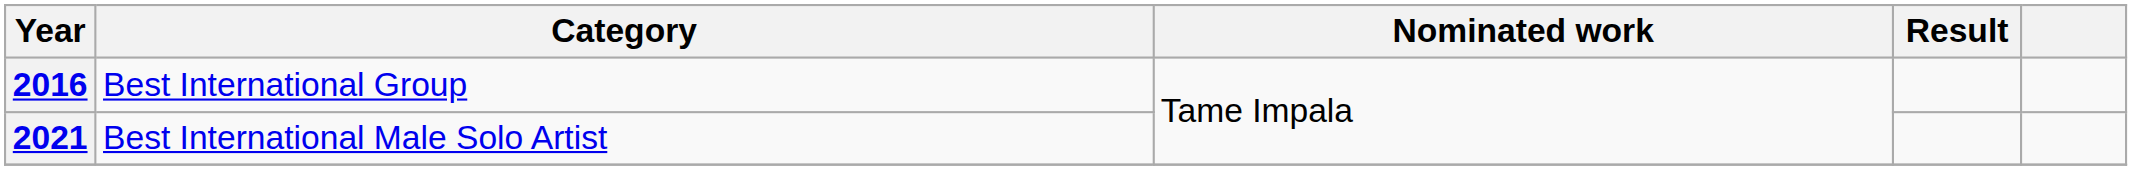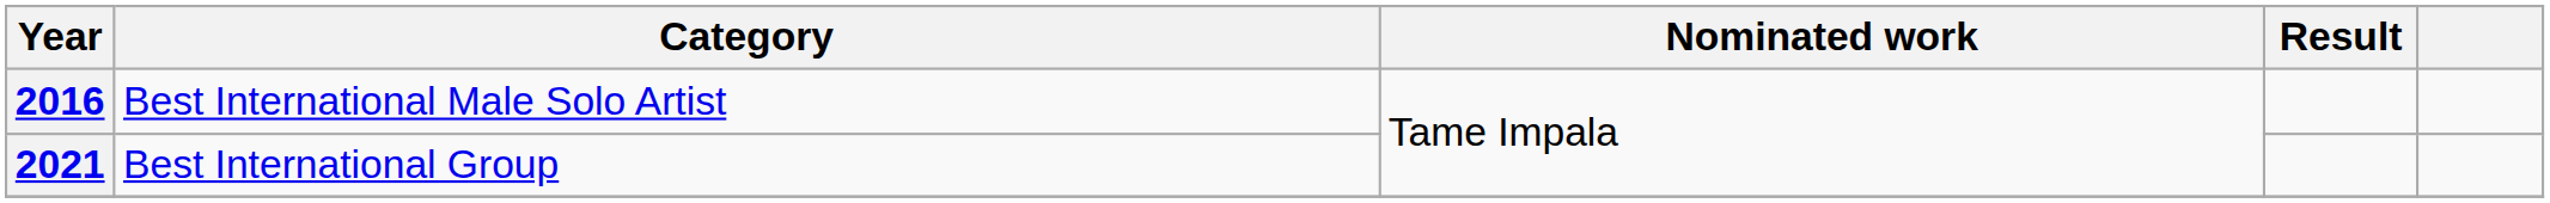 <table class="wikitable plainrowheaders" style="width:80%;">
 <tr>
 <th scope="col" style="width:4%;">Year</th>
 <th scope="col" style="width:50%;">Category</th>
 <th scope="col" style="width:35%;">Nominated work</th>
 <th scope="col" style="width:6%;">Result</th>
 <th scope="col" style="width:6%;"></th>
 </tr>
 <tr>
 <th scope="row"><a href='#'>2016</a></th>
-<td><a href='#'>Best International Group</a></td>
+<td><a href='#'>Best International Male Solo Artist</a></td>
 <td rowspan="2">Tame Impala</td>
 <td></td>
 <td style="text-align:center;"></td>
 </tr>
 <tr>
 <th scope="row"><a href='#'>2021</a></th>
-<td><a href='#'>Best International Male Solo Artist</a></td>
+<td><a href='#'>Best International Group</a></td>
 <td></td>
 <td style="text-align:center;"></td>
 </tr>
 <tr>
 </tr>
 </table>
